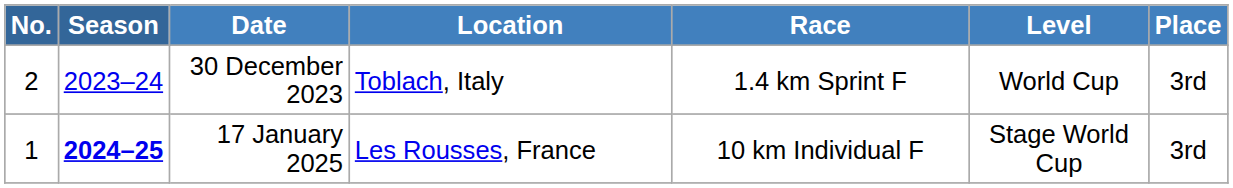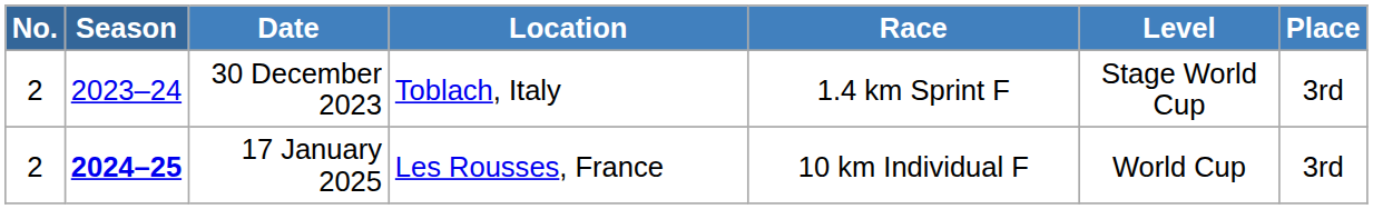 <table class="wikitable sortable" style="font-size:95%; text-align:center; border:grey solid 1px; border-collapse:collapse; background:#ffffff;">
 <tr style="background:#efefef;">
 <th style="background-color:#369; color:white;">No.</th>
 <th style="background-color:#369; color:white;">Season</th>
 <th style="background-color:#4180be; color:white; width:100px;">Date</th>
 <th style="background-color:#4180be; color:white; width:185px;">Location</th>
 <th style="background-color:#4180be; color:white; width:170px;">Race</th>
 <th style="background-color:#4180be; color:white; width:100px;">Level</th>
 <th style="background-color:#4180be; color:white;">Place</th>
 </tr>
 <tr>
 <td align=center>2</td>
 <td align="center"><a href='#'>2023–24</a></td>
 <td align=right>30 December 2023</td>
 <td align=left> <a href='#'>Toblach</a>, Italy</td>
 <td>1.4 km Sprint F</td>
-<td>World Cup</td>
+<td>Stage World Cup</td>
 <td>3rd</td>
 </tr>
 <tr>
-<td align=center>1</td>
+<td align=center>2</td>
 <td align="center"><strong><a href='#'>2024–25</a></strong></td>
 <td align=right>17 January 2025</td>
 <td align=left> <a href='#'>Les Rousses</a>, France</td>
 <td>10 km Individual F</td>
-<td>Stage World Cup</td>
+<td>World Cup</td>
 <td>3rd</td>
 </tr>
 </table>
